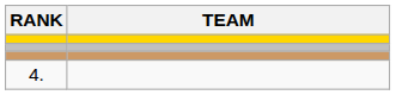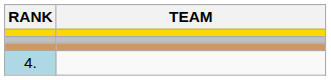 <table class="wikitable" style="border-collapse: collapse; font-size: 90%;">
 <tr>
 <th>RANK</th>
 <th align="left" style="width: 17em">TEAM</th>
 </tr>
 <tr bgcolor=gold>
 <td align="center"></td>
 <td></td>
 </tr>
 <tr bgcolor=silver>
 <td align="center"></td>
 <td></td>
 </tr>
 <tr bgcolor=cc9966>
 <td align="center"></td>
 <td></td>
 </tr>
 <tr>
-<td align="center">4.</td>
+<td align="center" style="background: lightblue;">4.</td>
 <td></td>
 </tr>
 </table>
